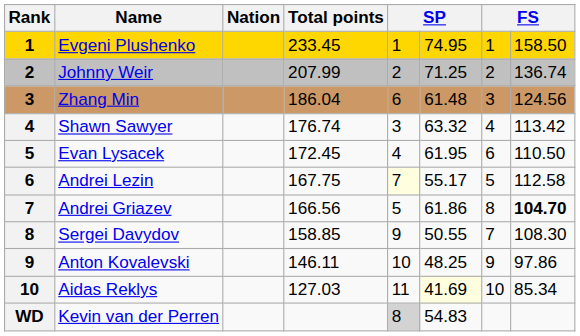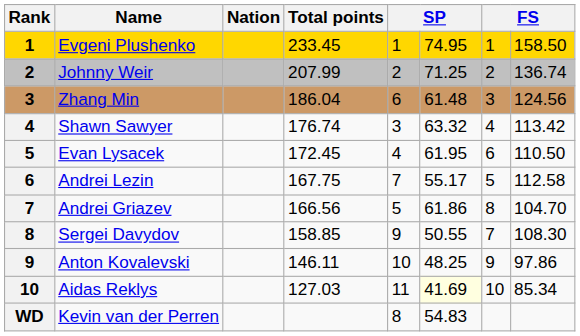 <table class="wikitable">
 <tr>
 <th>Rank</th>
 <th>Name</th>
 <th>Nation</th>
 <th>Total points</th>
 <th colspan="2" width="80px"><a href='#'>SP</a></th>
 <th colspan="2" width="80px"><a href='#'>FS</a></th>
 </tr>
 <tr bgcolor="gold">
 <td align="center"><strong>1</strong></td>
 <td><a href='#'>Evgeni Plushenko</a></td>
 <td></td>
 <td>233.45</td>
 <td>1</td>
 <td>74.95</td>
 <td>1</td>
 <td>158.50</td>
 </tr>
 <tr bgcolor="silver">
 <td align="center"><strong>2</strong></td>
 <td><a href='#'>Johnny Weir</a></td>
 <td></td>
 <td>207.99</td>
 <td>2</td>
 <td>71.25</td>
 <td>2</td>
 <td>136.74</td>
 </tr>
 <tr bgcolor="cc9966">
 <td align="center"><strong>3</strong></td>
 <td><a href='#'>Zhang Min</a></td>
 <td></td>
 <td>186.04</td>
 <td>6</td>
 <td>61.48</td>
 <td>3</td>
 <td>124.56</td>
 </tr>
 <tr>
 <th>4</th>
 <td><a href='#'>Shawn Sawyer</a></td>
 <td></td>
 <td>176.74</td>
 <td>3</td>
 <td>63.32</td>
 <td>4</td>
 <td>113.42</td>
 </tr>
 <tr>
 <th>5</th>
 <td><a href='#'>Evan Lysacek</a></td>
 <td></td>
 <td>172.45</td>
 <td>4</td>
 <td>61.95</td>
 <td>6</td>
 <td>110.50</td>
 </tr>
 <tr>
 <th>6</th>
 <td><a href='#'>Andrei Lezin</a></td>
 <td></td>
 <td>167.75</td>
-<td style="background: lightyellow;">7</td>
+<td>7</td>
 <td>55.17</td>
 <td>5</td>
 <td>112.58</td>
 </tr>
 <tr>
 <th>7</th>
 <td><a href='#'>Andrei Griazev</a></td>
 <td></td>
 <td>166.56</td>
 <td>5</td>
 <td>61.86</td>
 <td>8</td>
-<td><strong>104.70</strong></td>
+<td>104.70</td>
 </tr>
 <tr>
 <th>8</th>
 <td><a href='#'>Sergei Davydov</a></td>
 <td></td>
 <td>158.85</td>
 <td>9</td>
 <td>50.55</td>
 <td>7</td>
 <td>108.30</td>
 </tr>
 <tr>
 <th>9</th>
 <td><a href='#'>Anton Kovalevski</a></td>
 <td></td>
 <td>146.11</td>
 <td>10</td>
 <td>48.25</td>
 <td>9</td>
 <td>97.86</td>
 </tr>
 <tr>
 <th>10</th>
 <td><a href='#'>Aidas Reklys</a></td>
 <td></td>
 <td>127.03</td>
 <td>11</td>
 <td style="background: lightyellow;">41.69</td>
 <td>10</td>
 <td>85.34</td>
 </tr>
 <tr>
 <th>WD</th>
 <td><a href='#'>Kevin van der Perren</a></td>
 <td></td>
 <td></td>
-<td style="background: lightgrey;">8</td>
+<td>8</td>
 <td>54.83</td>
 <td></td>
 <td></td>
 </tr>
 </table>
